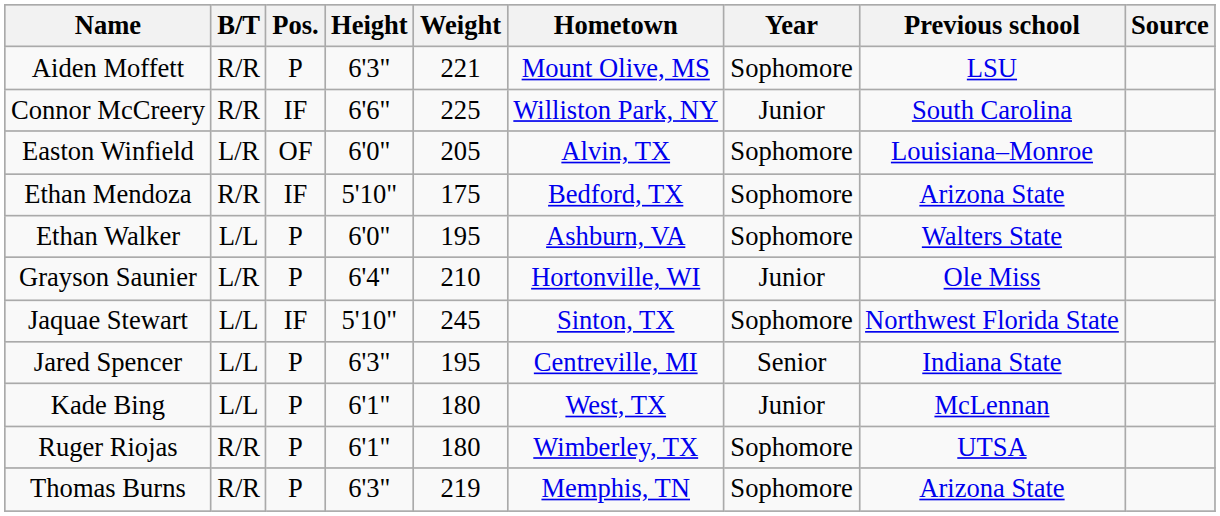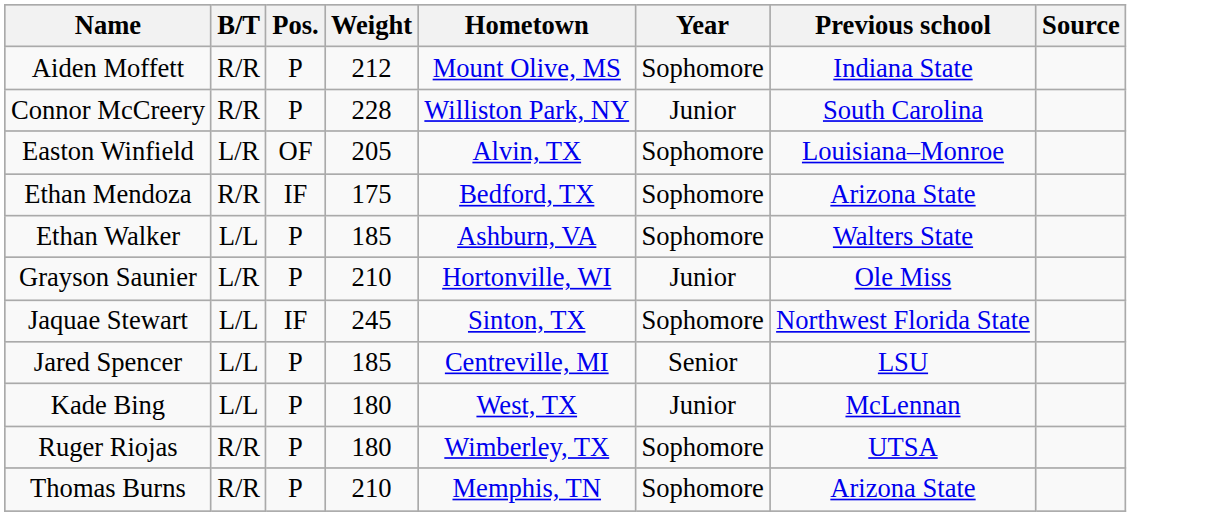 <table class="wikitable sortable">
 <tr>
 <th style="text-align:center; ">Name</th>
 <th style="text-align:center; ">B/T</th>
 <th style="text-align:center; ">Pos.</th>
-<th style="text-align:center; ">Height</th>
 <th style="text-align:center; ">Weight</th>
 <th style="text-align:center; ">Hometown</th>
 <th style="text-align:center; ">Year</th>
 <th style="text-align:center; ">Previous school</th>
 <th style="text-align:center; ">Source</th>
 </tr>
 <tr align="center">
 <td>Aiden Moffett</td>
 <td>R/R</td>
 <td>P</td>
-<td>6'3"</td>
-<td>221</td>
+<td>212</td>
 <td><a href='#'>Mount Olive, MS</a></td>
 <td>Sophomore</td>
-<td><a href='#'>LSU</a></td>
+<td><a href='#'>Indiana State</a></td>
 <td></td>
 </tr>
 <tr align="center">
 <td>Connor McCreery</td>
 <td>R/R</td>
-<td>IF</td>
-<td>6'6"</td>
-<td>225</td>
+<td>P</td>
+<td>228</td>
 <td><a href='#'>Williston Park, NY</a></td>
 <td>Junior</td>
 <td><a href='#'>South Carolina</a></td>
 <td></td>
 </tr>
 <tr align="center">
 <td>Easton Winfield</td>
 <td>L/R</td>
 <td>OF</td>
-<td>6'0"</td>
 <td>205</td>
 <td><a href='#'>Alvin, TX</a></td>
 <td>Sophomore</td>
 <td><a href='#'>Louisiana–Monroe</a></td>
 <td></td>
 </tr>
 <tr align="center">
 <td>Ethan Mendoza</td>
 <td>R/R</td>
 <td>IF</td>
-<td>5'10"</td>
 <td>175</td>
 <td><a href='#'>Bedford, TX</a></td>
 <td>Sophomore</td>
 <td><a href='#'>Arizona State</a></td>
 <td></td>
 </tr>
 <tr align="center">
 <td>Ethan Walker</td>
 <td>L/L</td>
 <td>P</td>
-<td>6'0"</td>
-<td>195</td>
+<td>185</td>
 <td><a href='#'>Ashburn, VA</a></td>
 <td>Sophomore</td>
 <td><a href='#'>Walters State</a></td>
 <td></td>
 </tr>
 <tr align="center">
 <td>Grayson Saunier</td>
 <td>L/R</td>
 <td>P</td>
-<td>6'4"</td>
 <td>210</td>
 <td><a href='#'>Hortonville, WI</a></td>
 <td>Junior</td>
 <td><a href='#'>Ole Miss</a></td>
 <td></td>
 </tr>
 <tr align="center">
 <td>Jaquae Stewart</td>
 <td>L/L</td>
 <td>IF</td>
-<td>5'10"</td>
 <td>245</td>
 <td><a href='#'>Sinton, TX</a></td>
 <td>Sophomore</td>
 <td><a href='#'>Northwest Florida State</a></td>
 <td></td>
 </tr>
 <tr align="center">
 <td>Jared Spencer</td>
 <td>L/L</td>
 <td>P</td>
-<td>6'3"</td>
-<td>195</td>
+<td>185</td>
 <td><a href='#'>Centreville, MI</a></td>
 <td>Senior</td>
-<td><a href='#'>Indiana State</a></td>
+<td><a href='#'>LSU</a></td>
 <td></td>
 </tr>
 <tr align="center">
 <td>Kade Bing</td>
 <td>L/L</td>
 <td>P</td>
-<td>6'1"</td>
 <td>180</td>
 <td><a href='#'>West, TX</a></td>
 <td>Junior</td>
 <td><a href='#'>McLennan</a></td>
 <td></td>
 </tr>
 <tr align="center">
 <td>Ruger Riojas</td>
 <td>R/R</td>
 <td>P</td>
-<td>6'1"</td>
 <td>180</td>
 <td><a href='#'>Wimberley, TX</a></td>
 <td>Sophomore</td>
 <td><a href='#'>UTSA</a></td>
 <td></td>
 </tr>
 <tr align="center">
 <td>Thomas Burns</td>
 <td>R/R</td>
 <td>P</td>
-<td>6'3"</td>
-<td>219</td>
+<td>210</td>
 <td><a href='#'>Memphis, TN</a></td>
 <td>Sophomore</td>
 <td><a href='#'>Arizona State</a></td>
 <td></td>
 </tr>
 </table>
